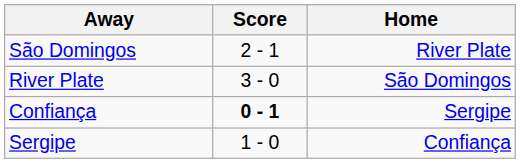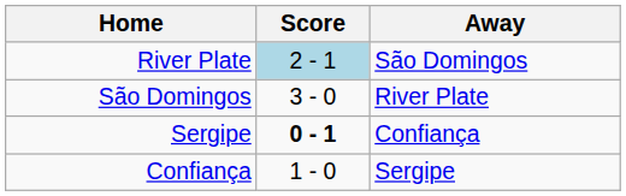 <table class="wikitable" style="text-align: center;">
 <tr>
+<th width=165>Home</th>
+<th width=70>Score</th>
 <th width=165>Away</th>
-<th width=70>Score</th>
-<th width=165>Home</th>
 </tr>
 <tr>
+<td style="text-align:right;"><a href='#'>River Plate</a></td>
+<td style="background: lightblue;">2 - 1</td>
 <td style="text-align:left;"><a href='#'>São Domingos</a></td>
-<td>2 - 1</td>
-<td style="text-align:right;"><a href='#'>River Plate</a></td>
 </tr>
 <tr>
+<td style="text-align:right;"><a href='#'>São Domingos</a></td>
+<td>3 - 0</td>
 <td style="text-align:left;"><a href='#'>River Plate</a></td>
-<td>3 - 0</td>
-<td style="text-align:right;"><a href='#'>São Domingos</a></td>
 </tr>
 <tr>
+<td style="text-align:right;"><a href='#'>Sergipe</a></td>
+<td><strong>0 - 1</strong></td>
 <td style="text-align:left;"><a href='#'>Confiança</a></td>
-<td><strong>0 - 1</strong></td>
-<td style="text-align:right;"><a href='#'>Sergipe</a></td>
 </tr>
 <tr>
+<td style="text-align:right;"><a href='#'>Confiança</a></td>
+<td>1 - 0</td>
 <td style="text-align:left;"><a href='#'>Sergipe</a></td>
-<td>1 - 0</td>
-<td style="text-align:right;"><a href='#'>Confiança</a></td>
 </tr>
 </table>
